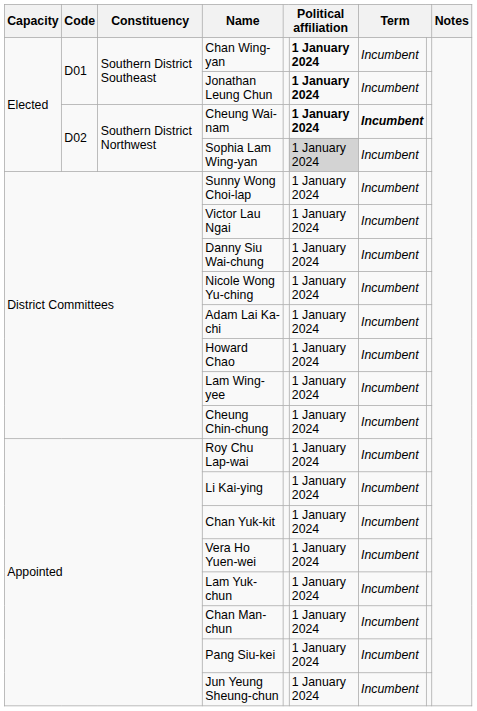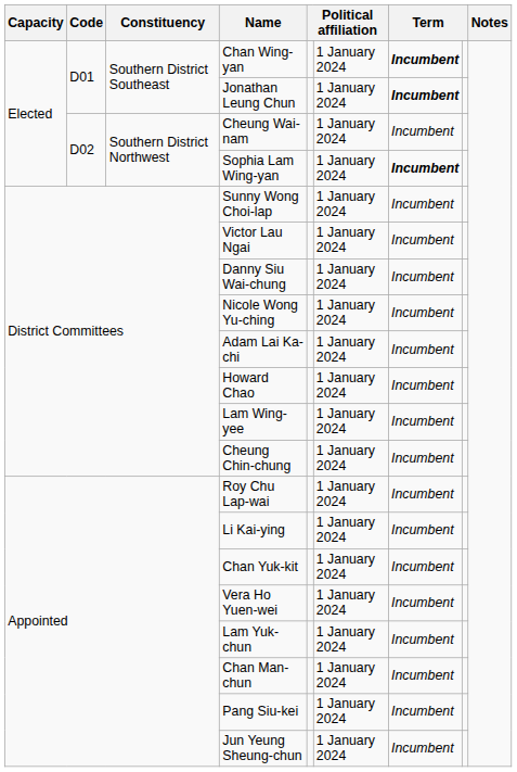 <table class="wikitable sortable" border=1>
 <tr>
 <th>Capacity</th>
 <th>Code</th>
 <th>Constituency</th>
 <th>Name</th>
 <th colspan=2>Political affiliation</th>
 <th colspan="2">Term</th>
 <th class="unsortable">Notes</th>
 </tr>
 <tr>
 <td rowspan="4">Elected</td>
 <td rowspan="2">D01</td>
 <td rowspan="2">Southern District Southeast</td>
 <td>Chan Wing-yan</td>
 <td></td>
-<td><strong>1 January 2024</strong></td>
-<td><em>Incumbent</em></td>
+<td>1 January 2024</td>
+<td><strong><em>Incumbent</em></strong></td>
 <td></td>
 </tr>
 <tr>
 <td>Jonathan Leung Chun</td>
 <td></td>
-<td><strong>1 January 2024</strong></td>
-<td><em>Incumbent</em></td>
+<td>1 January 2024</td>
+<td><strong><em>Incumbent</em></strong></td>
 <td></td>
 </tr>
 <tr>
 <td rowspan="2">D02</td>
 <td rowspan="2">Southern District Northwest</td>
 <td>Cheung Wai-nam</td>
 <td></td>
-<td><strong>1 January 2024</strong></td>
-<td><strong><em>Incumbent</em></strong></td>
+<td>1 January 2024</td>
+<td><em>Incumbent</em></td>
 <td></td>
 </tr>
 <tr>
 <td>Sophia Lam Wing-yan</td>
 <td></td>
-<td style="background: lightgrey;">1 January 2024</td>
-<td><em>Incumbent</em></td>
+<td>1 January 2024</td>
+<td><strong><em>Incumbent</em></strong></td>
 <td></td>
 </tr>
 <tr>
 <td colspan="3" rowspan="8">District Committees</td>
 <td>Sunny Wong Choi-lap</td>
 <td></td>
 <td>1 January 2024</td>
 <td><em>Incumbent</em></td>
 <td></td>
 </tr>
 <tr>
 <td>Victor Lau Ngai</td>
 <td></td>
 <td>1 January 2024</td>
 <td><em>Incumbent</em></td>
 <td></td>
 </tr>
 <tr>
 <td>Danny Siu Wai-chung</td>
 <td></td>
 <td>1 January 2024</td>
 <td><em>Incumbent</em></td>
 <td></td>
 </tr>
 <tr>
 <td>Nicole Wong Yu-ching</td>
 <td></td>
 <td>1 January 2024</td>
 <td><em>Incumbent</em></td>
 <td></td>
 </tr>
 <tr>
 <td>Adam Lai Ka-chi</td>
 <td></td>
 <td>1 January 2024</td>
 <td><em>Incumbent</em></td>
 <td></td>
 </tr>
 <tr>
 <td>Howard Chao</td>
 <td></td>
 <td>1 January 2024</td>
 <td><em>Incumbent</em></td>
 <td></td>
 </tr>
 <tr>
 <td>Lam Wing-yee</td>
 <td></td>
 <td>1 January 2024</td>
 <td><em>Incumbent</em></td>
 <td></td>
 </tr>
 <tr>
 <td>Cheung Chin-chung</td>
 <td></td>
 <td>1 January 2024</td>
 <td><em>Incumbent</em></td>
 <td></td>
 </tr>
 <tr>
 <td colspan="3" rowspan="8">Appointed</td>
 <td>Roy Chu Lap-wai</td>
 <td></td>
 <td>1 January 2024</td>
 <td><em>Incumbent</em></td>
 <td></td>
 </tr>
 <tr>
 <td>Li Kai-ying</td>
 <td></td>
 <td>1 January 2024</td>
 <td><em>Incumbent</em></td>
 <td></td>
 </tr>
 <tr>
 <td>Chan Yuk-kit</td>
 <td></td>
 <td>1 January 2024</td>
 <td><em>Incumbent</em></td>
 <td></td>
 </tr>
 <tr>
 <td>Vera Ho Yuen-wei</td>
 <td></td>
 <td>1 January 2024</td>
 <td><em>Incumbent</em></td>
 <td></td>
 </tr>
 <tr>
 <td>Lam Yuk-chun</td>
 <td></td>
 <td>1 January 2024</td>
 <td><em>Incumbent</em></td>
 <td></td>
 </tr>
 <tr>
 <td>Chan Man-chun</td>
 <td></td>
 <td>1 January 2024</td>
 <td><em>Incumbent</em></td>
 <td></td>
 </tr>
 <tr>
 <td>Pang Siu-kei</td>
 <td></td>
 <td>1 January 2024</td>
 <td><em>Incumbent</em></td>
 <td></td>
 </tr>
 <tr>
 <td>Jun Yeung Sheung-chun</td>
 <td></td>
 <td>1 January 2024</td>
 <td><em>Incumbent</em></td>
 <td></td>
 </tr>
 </table>
